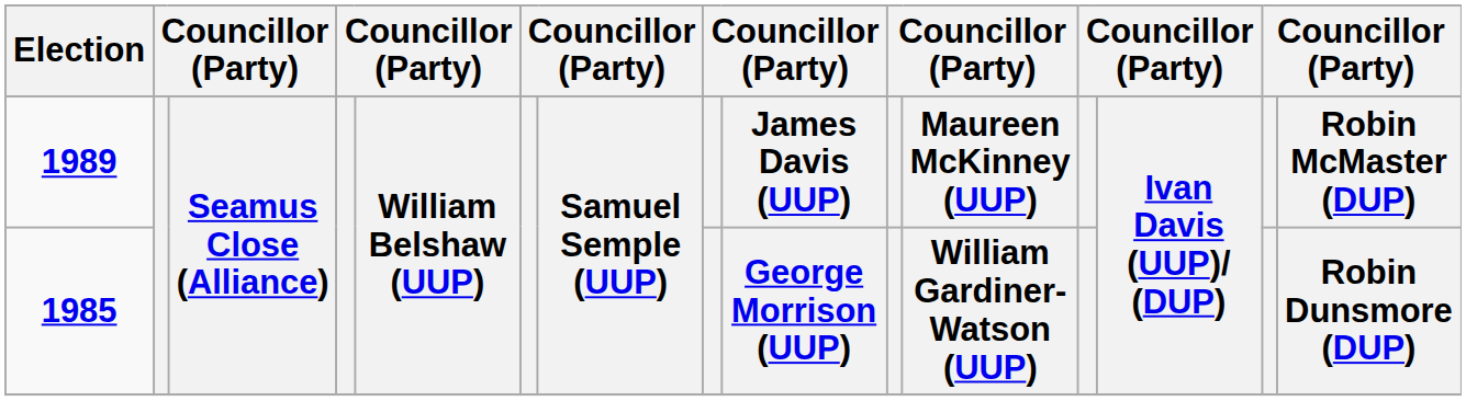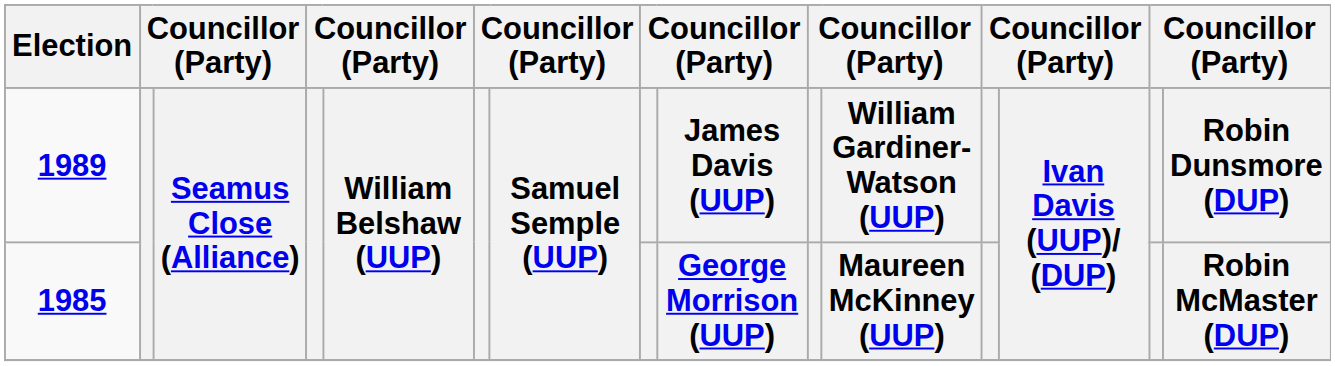 <table class="wikitable" style="text-align:center">
 <tr>
 <th scope="col" width="50">Election</th>
 <th scope="col" width="150" colspan = "2">Councillor<br> (Party)</th>
 <th scope="col" width="150" colspan = "2">Councillor<br> (Party)</th>
 <th scope="col" width="150" colspan = "2">Councillor<br> (Party)</th>
 <th scope="col" width="150" colspan = "2">Councillor<br> (Party)</th>
 <th scope="col" width="150" colspan = "2">Councillor<br> (Party)</th>
 <th scope="col" width="150" colspan = "2">Councillor<br> (Party)</th>
 <th scope="col" width="150" colspan = "2">Councillor<br> (Party)</th>
 </tr>
 <tr>
 <td><strong><a href='#'>1989</a></strong></td>
 <th rowspan="2" width="1" style="background-color: "></th>
 <th rowspan = "2"><a href='#'>Seamus Close</a> <br> (<a href='#'>Alliance</a>)</th>
 <th rowspan="2" width="1" style="background-color: "></th>
 <th rowspan = "2">William Belshaw <br> (<a href='#'>UUP</a>)</th>
 <th rowspan="2" width="1" style="background-color: "></th>
 <th rowspan = "2">Samuel Semple <br> (<a href='#'>UUP</a>)</th>
 <th rowspan="1" width="1" style="background-color: "></th>
 <th rowspan = "1">James Davis <br> (<a href='#'>UUP</a>)</th>
 <th rowspan="1" width="1" style="background-color: "></th>
-<th rowspan = "1">Maureen McKinney <br> (<a href='#'>UUP</a>)</th>
+<th rowspan = "1">William Gardiner-Watson <br> (<a href='#'>UUP</a>)</th>
 <th rowspan="1" width="1" style="background-color: "></th>
 <th rowspan = "2"><a href='#'>Ivan Davis</a> <br> (<a href='#'>UUP</a>)/ <br> (<a href='#'>DUP</a>)</th>
 <th rowspan="1" width="1" style="background-color: "></th>
-<th rowspan = "1">Robin McMaster <br> (<a href='#'>DUP</a>)</th>
+<th rowspan = "1">Robin Dunsmore <br> (<a href='#'>DUP</a>)</th>
 </tr>
 <tr>
 <td><strong><a href='#'>1985</a></strong></td>
 <th rowspan="1" width="1" style="background-color: "></th>
 <th rowspan = "1"><a href='#'>George Morrison</a> <br> (<a href='#'>UUP</a>)</th>
 <th rowspan="1" width="1" style="background-color: "></th>
-<th rowspan = "1">William Gardiner-Watson <br> (<a href='#'>UUP</a>)</th>
+<th rowspan = "1">Maureen McKinney <br> (<a href='#'>UUP</a>)</th>
 <th rowspan="1" width="1" style="background-color: "></th>
 <th rowspan="1" width="1" style="background-color: "></th>
-<th rowspan = "1">Robin Dunsmore <br> (<a href='#'>DUP</a>)</th>
+<th rowspan = "1">Robin McMaster <br> (<a href='#'>DUP</a>)</th>
 </tr>
 <tr>
 </tr>
 </table>
